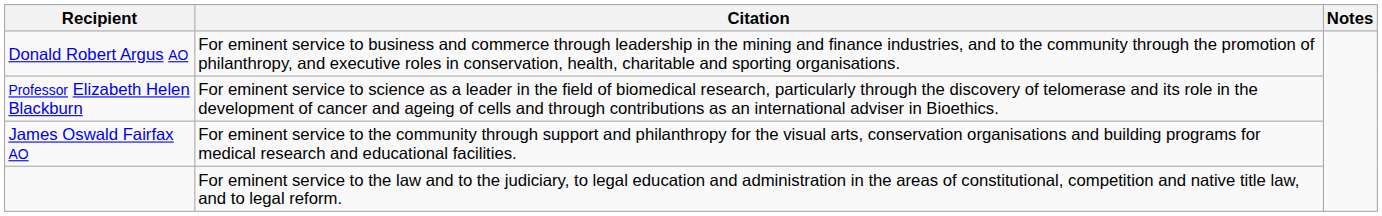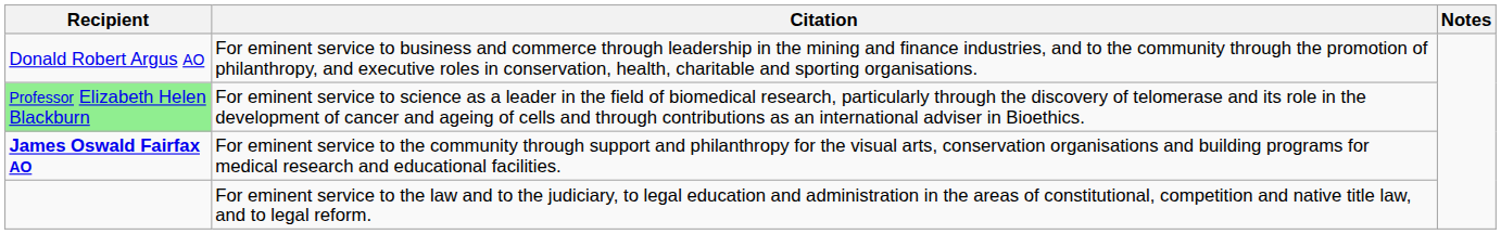 <table class="wikitable" style="font-size:95%;">
 <tr>
 <th>Recipient</th>
 <th>Citation</th>
 <th>Notes</th>
 </tr>
 <tr>
 <td><a href='#'>Donald Robert Argus</a> <small><a href='#'>AO</a></small></td>
 <td>For eminent service to business and commerce through leadership in the mining and finance industries, and to the community through the promotion of philanthropy, and executive roles in conservation, health, charitable and sporting organisations.</td>
 <td rowspan=4></td>
 </tr>
 <tr>
-<td><small><a href='#'>Professor</a></small> <a href='#'>Elizabeth Helen Blackburn</a></td>
+<td style="background: lightgreen;"><small><a href='#'>Professor</a></small> <a href='#'>Elizabeth Helen Blackburn</a></td>
 <td>For eminent service to science as a leader  in the field of biomedical research, particularly through the discovery of telomerase and its role in  the development of cancer and ageing of cells and through contributions as an international adviser in Bioethics.</td>
 </tr>
 <tr>
-<td><a href='#'>James Oswald Fairfax</a> <small><a href='#'>AO</a></small></td>
+<td><strong><a href='#'>James Oswald Fairfax</a> <small><a href='#'>AO</a></small></strong></td>
 <td>For eminent service to the community through support and philanthropy for the visual arts, conservation organisations and building programs for medical research and educational facilities.</td>
 </tr>
 <tr>
 <td></td>
 <td>For eminent service to the law and to  the judiciary, to  legal education and administration in the areas of constitutional, competition and native title law, and to legal reform.</td>
 </tr>
 </table>
